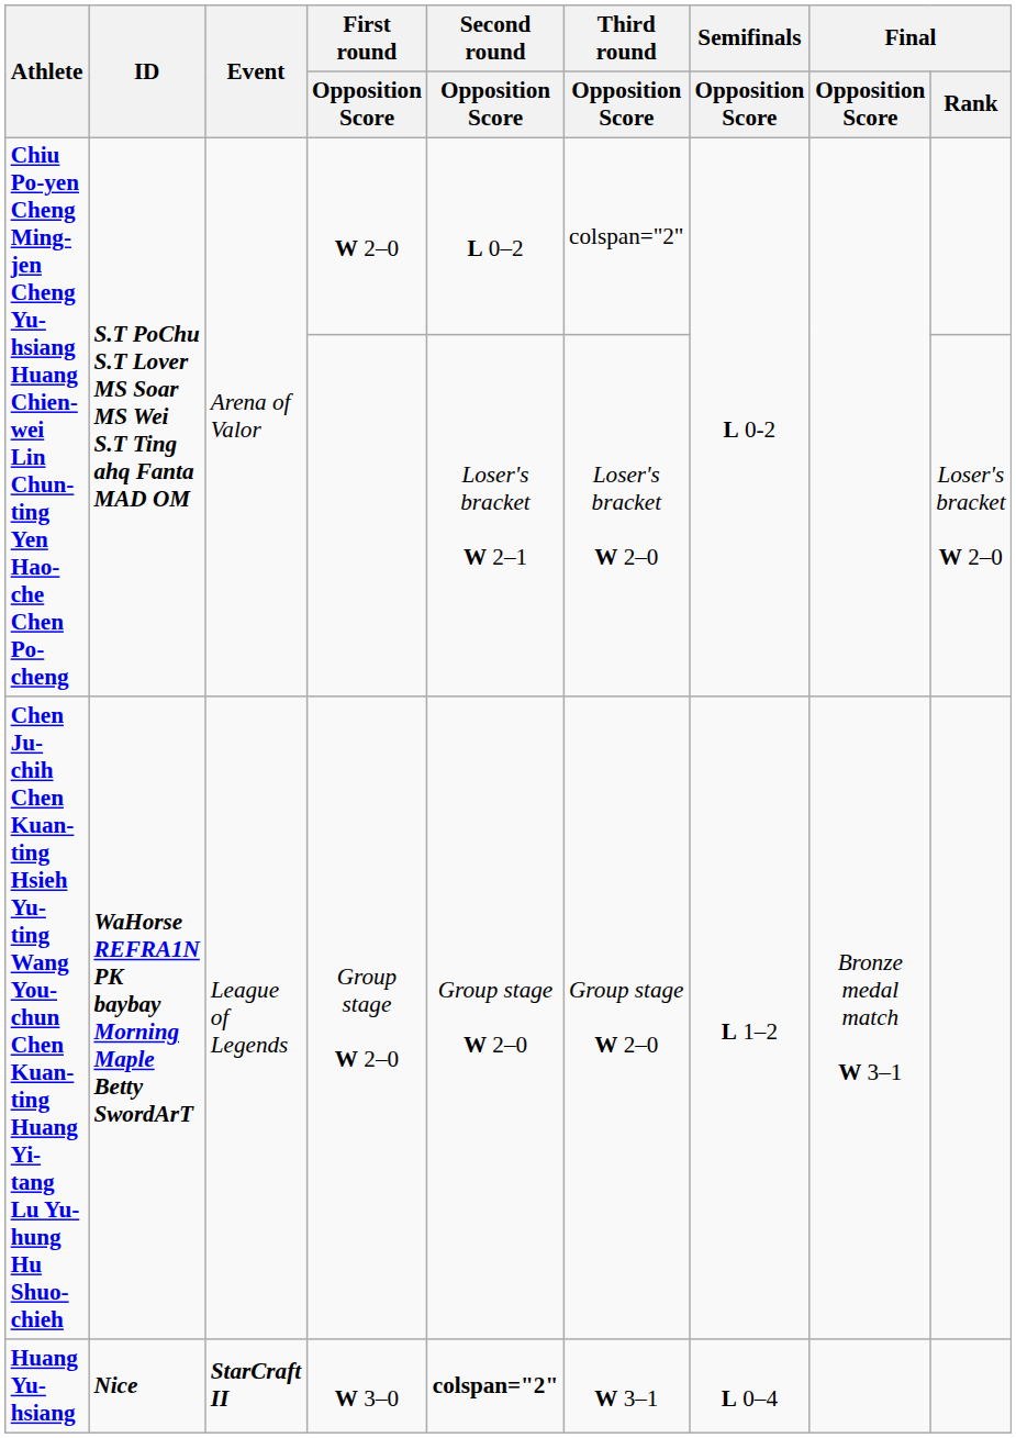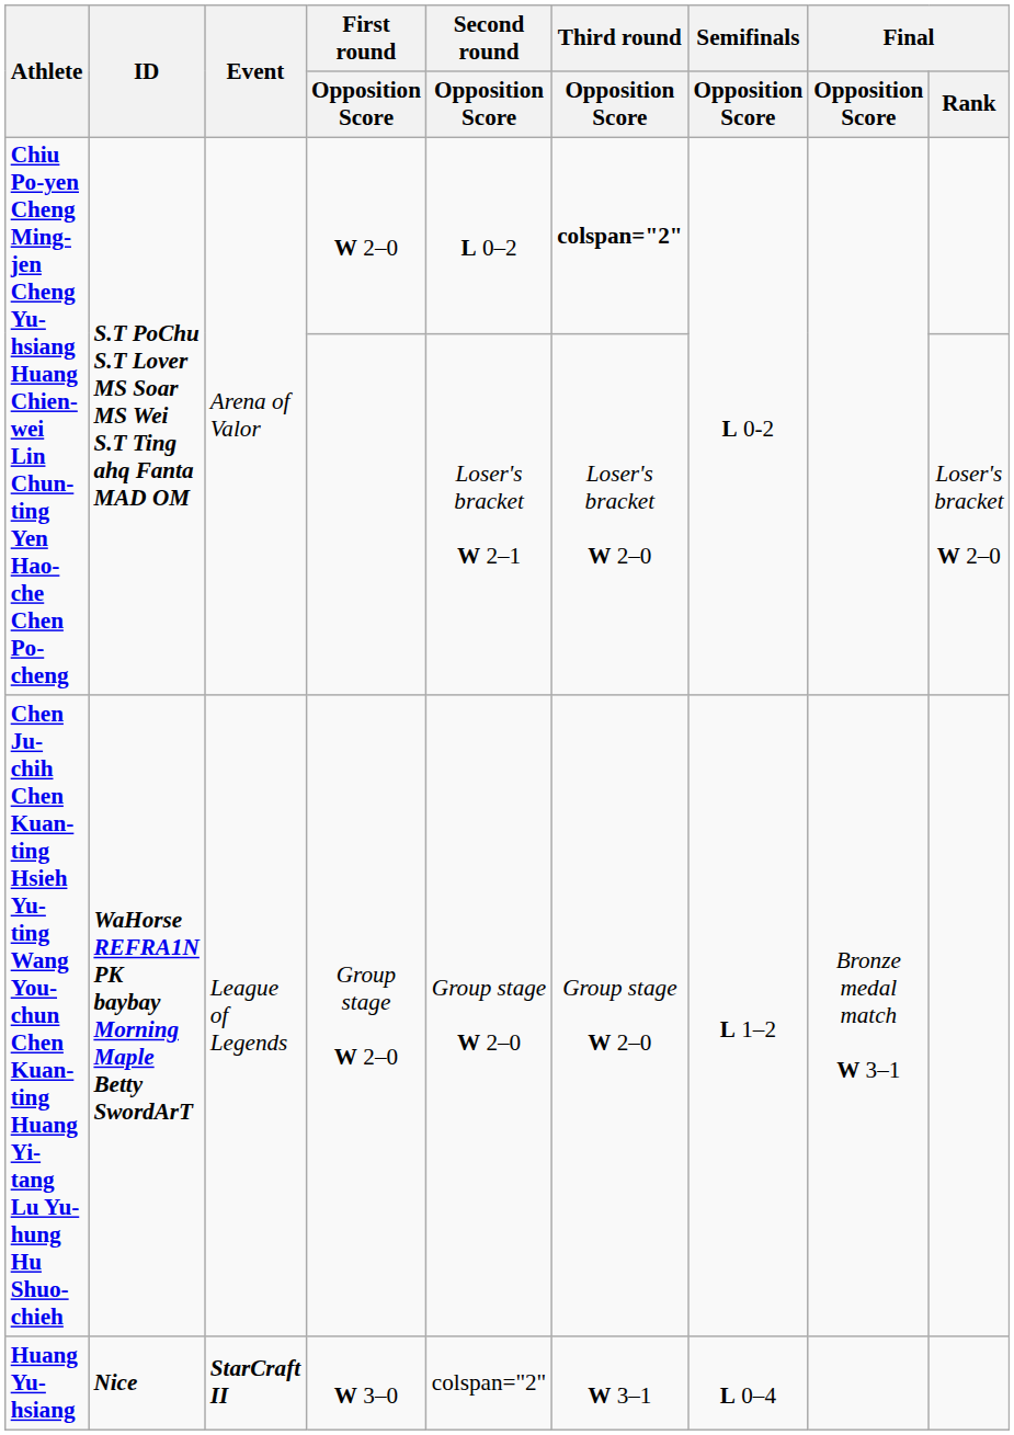 <table class="wikitable" style="font-size:90%; text-align:center">
 <tr>
 <th rowspan="2">Athlete</th>
 <th rowspan="2">ID</th>
 <th rowspan="2">Event</th>
 <th>First round</th>
 <th>Second round</th>
 <th>Third round</th>
 <th>Semifinals</th>
 <th colspan="2">Final</th>
 </tr>
 <tr>
 <th>Opposition<br>Score</th>
 <th>Opposition<br>Score</th>
 <th>Opposition<br>Score</th>
 <th>Opposition<br>Score</th>
 <th>Opposition<br>Score</th>
 <th>Rank</th>
 </tr>
 <tr>
 <td align="left" rowspan="2"><strong><a href='#'>Chiu Po-yen</a><br><a href='#'>Cheng Ming-jen</a><br><a href='#'>Cheng Yu-hsiang</a><br><a href='#'>Huang Chien-wei</a><br><a href='#'>Lin Chun-ting</a><br><a href='#'>Yen Hao-che</a><br><a href='#'>Chen Po-cheng</a></strong></td>
 <td align="left" rowspan="2"><strong><em>S.T PoChu<em><br></em>S.T Lover<em><br></em>MS Soar<em><br></em>MS Wei<em><br></em>S.T Ting<em><br></em>ahq Fanta<em><br></em>MAD OM</em></strong></td>
 <td align="left" rowspan="2"><em>Arena of Valor</em></td>
 <td><br><strong>W</strong> 2–0</td>
 <td><br><strong>L</strong> 0–2</td>
-<td>colspan="2" </td>
+<td><strong>colspan="2" </strong></td>
 <td rowspan="2"><br><strong>L</strong> 0-2</td>
 <td rowspan="2"></td>
 </tr>
 <tr>
 <td></td>
 <td><em>Loser's bracket</em><br><br><strong>W</strong> 2–1</td>
 <td><em>Loser's bracket</em><br><br><strong>W</strong> 2–0</td>
 <td><em>Loser's bracket</em><br><br><strong>W</strong> 2–0</td>
 </tr>
 <tr>
 <td align="left"><strong><a href='#'>Chen Ju-chih</a><br><a href='#'>Chen Kuan-ting</a><br><a href='#'>Hsieh Yu-ting</a><br><a href='#'>Wang You-chun</a><br><a href='#'>Chen Kuan-ting</a><br><a href='#'>Huang Yi-tang</a><br><a href='#'>Lu Yu-hung</a><br><a href='#'>Hu Shuo-chieh</a></strong></td>
 <td align="left"><strong><em>WaHorse<em><br></em><a href='#'>REFRA1N</a><em><br></em>PK<em><br></em>baybay<em><br></em><a href='#'>Morning</a><em><br></em><a href='#'>Maple</a><em><br></em>Betty<em><br></em>SwordArT</em></strong></td>
 <td align="left"><em>League of Legends</em></td>
 <td><em>Group stage</em><br><br><strong>W</strong> 2–0</td>
 <td><em>Group stage</em><br><br><strong>W</strong> 2–0</td>
 <td><em>Group stage</em><br><br><strong>W</strong> 2–0</td>
 <td><br><strong>L</strong> 1–2</td>
 <td><em>Bronze medal match</em><br><br><strong>W</strong> 3–1</td>
 <td></td>
 </tr>
 <tr>
 <td align="left"><strong><a href='#'>Huang Yu-hsiang</a></strong></td>
 <td align="left"><strong><em>Nice</em></strong></td>
 <td align="left"><strong><em>StarCraft II</em></strong></td>
 <td><br><strong>W</strong> 3–0</td>
-<td><strong>colspan="2" </strong></td>
+<td>colspan="2" </td>
 <td><br><strong>W</strong> 3–1</td>
 <td><br><strong>L</strong> 0–4</td>
 <td></td>
 </tr>
 </table>
